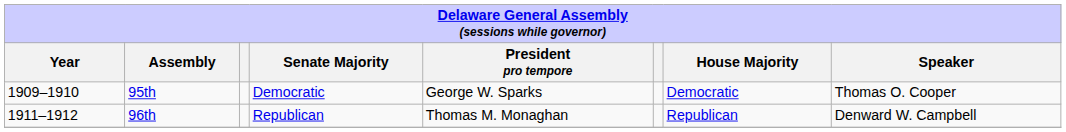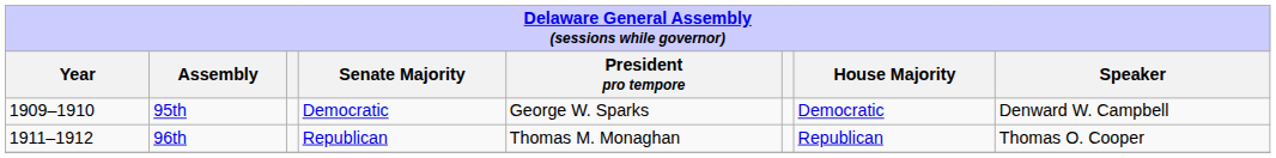 <table class=wikitable style="width: 94%" style="text-align: center;" align="center">
 <tr bgcolor=#cccccc>
 <th colspan=12 style="background: #ccccff;"><strong><a href='#'>Delaware General Assembly</a></strong> <br> <small> <em>(sessions while governor)</em></small></th>
 </tr>
 <tr>
 <th><strong>Year</strong></th>
 <th><strong>Assembly</strong></th>
 <th></th>
 <th><strong>Senate Majority</strong></th>
 <th><strong>President<br><em><small>pro tempore</small><strong><em></th>
 <th></th>
 <th></strong>House Majority<strong></th>
 <th></strong>Speaker<strong></th>
 </tr>
 <tr>
 <td>1909–1910</td>
 <td><a href='#'>95th</a></td>
 <td></td>
 <td><a href='#'>Democratic</a></td>
 <td>George W. Sparks</td>
 <td></td>
 <td><a href='#'>Democratic</a></td>
-<td>Thomas O. Cooper</td>
+<td>Denward W. Campbell</td>
 </tr>
 <tr>
 <td>1911–1912</td>
 <td><a href='#'>96th</a></td>
 <td></td>
 <td><a href='#'>Republican</a></td>
 <td>Thomas M. Monaghan</td>
 <td></td>
 <td><a href='#'>Republican</a></td>
-<td>Denward W. Campbell</td>
+<td>Thomas O. Cooper</td>
 </tr>
 <tr>
 </tr>
 </table>
